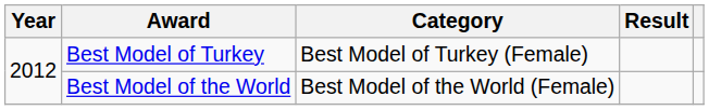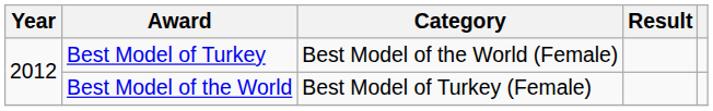 <table class="wikitable sortable">
 <tr>
 <th scope="col">Year</th>
 <th scope="col">Award</th>
 <th scope="col">Category</th>
 <th scope="col">Result</th>
 <th scope="col" class="unsortable"></th>
 </tr>
 <tr>
 <td rowspan="2">2012</td>
 <td><a href='#'>Best Model of Turkey</a></td>
-<td>Best Model of Turkey (Female)</td>
+<td>Best Model of the World (Female)</td>
 <td></td>
 <td></td>
 </tr>
 <tr>
 <td><a href='#'>Best Model of the World</a></td>
-<td>Best Model of the World (Female)</td>
+<td>Best Model of Turkey (Female)</td>
 <td></td>
 <td></td>
 </tr>
 <tr>
 </tr>
 </table>
